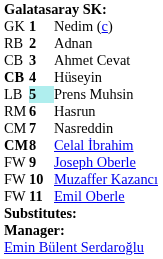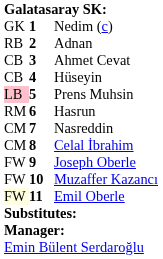 <table style="font-size: 90%" cellspacing="0" cellpadding="0">
 <tr>
 <td colspan="4"><strong>Galatasaray SK:</strong></td>
 </tr>
 <tr>
 <th width="25"></th>
 <th width="25"></th>
 </tr>
 <tr>
 <td>GK</td>
 <td><strong>1</strong></td>
 <td> Nedim (<a href='#'>c</a>)</td>
 </tr>
 <tr>
 <td>RB</td>
 <td><strong>2</strong></td>
 <td> Adnan</td>
 </tr>
 <tr>
 <td>CB</td>
 <td><strong>3</strong></td>
 <td> Ahmet Cevat</td>
 </tr>
 <tr>
-<td><strong>CB</strong></td>
+<td>CB</td>
 <td><strong>4</strong></td>
 <td> Hüseyin</td>
 </tr>
 <tr>
-<td>LB</td>
-<td style="background: paleturquoise;"><strong>5</strong></td>
+<td style="background: pink;">LB</td>
+<td><strong>5</strong></td>
 <td> Prens Muhsin</td>
 </tr>
 <tr>
 <td>RM</td>
 <td><strong>6</strong></td>
 <td> Hasrun</td>
 </tr>
 <tr>
 <td>CM</td>
 <td><strong>7</strong></td>
 <td> Nasreddin</td>
 </tr>
 <tr>
-<td><strong>CM</strong></td>
+<td>CM</td>
 <td><strong>8</strong></td>
 <td> <a href='#'>Celal İbrahim</a></td>
 </tr>
 <tr>
 <td>FW</td>
 <td><strong>9</strong></td>
 <td> <a href='#'>Joseph Oberle</a></td>
 </tr>
 <tr>
 <td>FW</td>
 <td><strong>10</strong></td>
 <td> <a href='#'>Muzaffer Kazancı</a></td>
 </tr>
 <tr>
-<td>FW</td>
+<td style="background: lightyellow;">FW</td>
 <td><strong>11</strong></td>
 <td> <a href='#'>Emil Oberle</a></td>
 </tr>
 <tr>
 <td colspan=4><strong>Substitutes:</strong></td>
 </tr>
 <tr>
 <td colspan=4><strong>Manager:</strong></td>
 </tr>
 <tr>
 <td colspan="4"> <a href='#'>Emin Bülent Serdaroğlu</a></td>
 </tr>
 </table>
